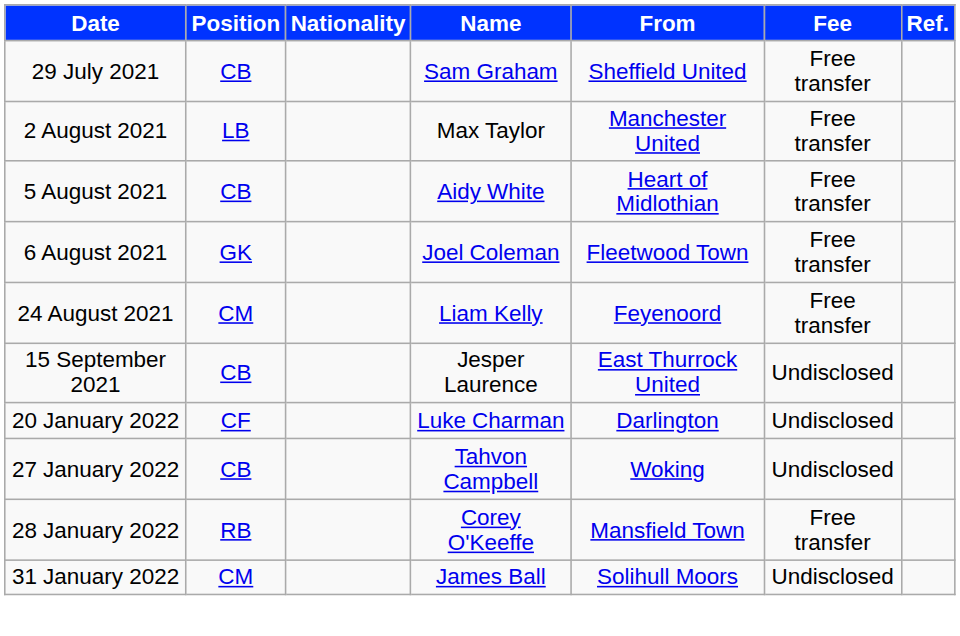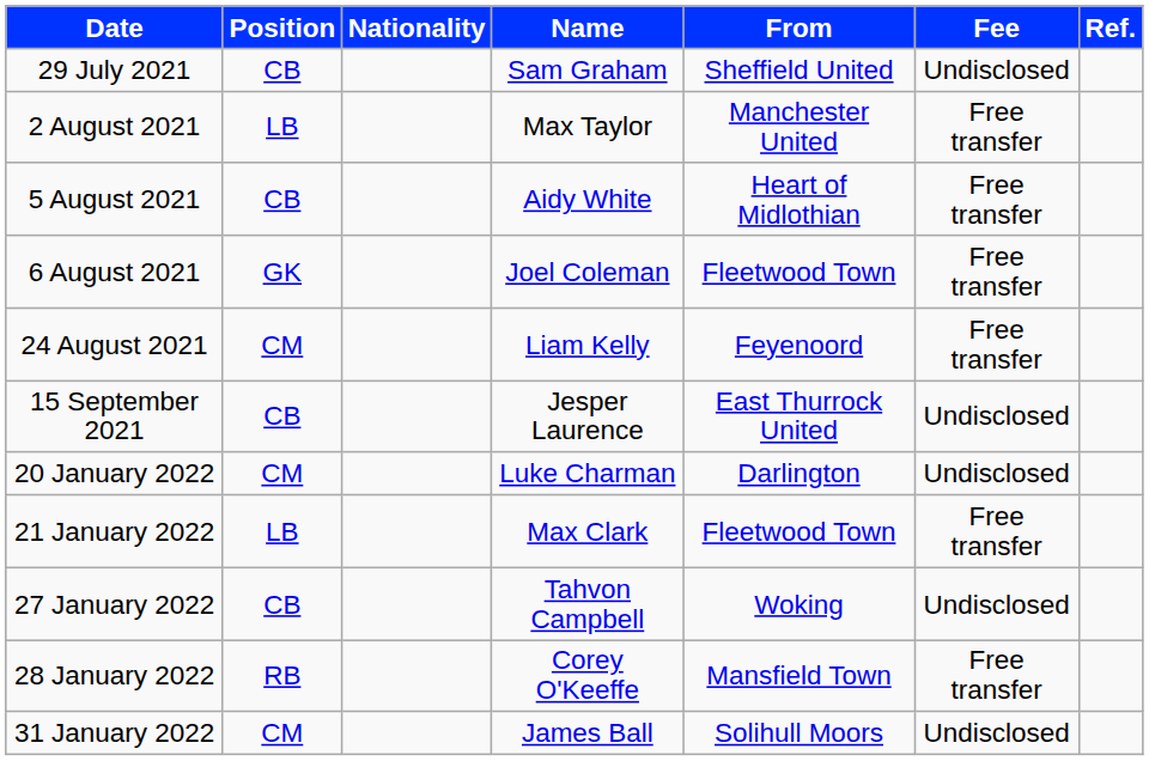 <table class="wikitable"  style="text-align:center; font-size:90%; ">
 <tr>
 <th style="background:#03f;color:#fff;">Date</th>
 <th style="background:#03f;color:#fff;">Position</th>
 <th style="background:#03f;color:#fff;">Nationality</th>
 <th style="background:#03f;color:#fff;">Name</th>
 <th style="background:#03f;color:#fff;">From</th>
 <th style="background:#03f;color:#fff;">Fee</th>
 <th style="background:#03f;color:#fff;">Ref.</th>
 </tr>
 <tr>
 <td>29 July 2021</td>
 <td><a href='#'>CB</a></td>
 <td></td>
 <td><a href='#'>Sam Graham</a></td>
 <td> <a href='#'>Sheffield United</a></td>
-<td>Free transfer</td>
+<td>Undisclosed</td>
 <td></td>
 </tr>
 <tr>
 <td>2 August 2021</td>
 <td><a href='#'>LB</a></td>
 <td></td>
 <td>Max Taylor</td>
 <td> <a href='#'>Manchester United</a></td>
 <td>Free transfer</td>
 <td></td>
 </tr>
 <tr>
 <td>5 August 2021</td>
 <td><a href='#'>CB</a></td>
 <td></td>
 <td><a href='#'>Aidy White</a></td>
 <td> <a href='#'>Heart of Midlothian</a></td>
 <td>Free transfer</td>
 <td></td>
 </tr>
 <tr>
 <td>6 August 2021</td>
 <td><a href='#'>GK</a></td>
 <td></td>
 <td><a href='#'>Joel Coleman</a></td>
 <td> <a href='#'>Fleetwood Town</a></td>
 <td>Free transfer</td>
 <td></td>
 </tr>
 <tr>
 <td>24 August 2021</td>
 <td><a href='#'>CM</a></td>
 <td></td>
 <td><a href='#'>Liam Kelly</a></td>
 <td> <a href='#'>Feyenoord</a></td>
 <td>Free transfer</td>
 <td></td>
 </tr>
 <tr>
 <td>15 September 2021</td>
 <td><a href='#'>CB</a></td>
 <td></td>
 <td>Jesper Laurence</td>
 <td> <a href='#'>East Thurrock United</a></td>
 <td>Undisclosed</td>
 <td></td>
 </tr>
 <tr>
 <td>20 January 2022</td>
-<td><a href='#'>CF</a></td>
+<td><a href='#'>CM</a></td>
 <td></td>
 <td><a href='#'>Luke Charman</a></td>
 <td> <a href='#'>Darlington</a></td>
 <td>Undisclosed</td>
+<td></td>
+</tr>
+<tr>
+<td>21 January 2022</td>
+<td><a href='#'>LB</a></td>
+<td></td>
+<td><a href='#'>Max Clark</a></td>
+<td> <a href='#'>Fleetwood Town</a></td>
+<td>Free transfer</td>
 <td></td>
 </tr>
 <tr>
 <td>27 January 2022</td>
 <td><a href='#'>CB</a></td>
 <td></td>
 <td><a href='#'>Tahvon Campbell</a></td>
 <td> <a href='#'>Woking</a></td>
 <td>Undisclosed</td>
 <td></td>
 </tr>
 <tr>
 <td>28 January 2022</td>
 <td><a href='#'>RB</a></td>
 <td></td>
 <td><a href='#'>Corey O'Keeffe</a></td>
 <td> <a href='#'>Mansfield Town</a></td>
 <td>Free transfer</td>
 <td></td>
 </tr>
 <tr>
 <td>31 January 2022</td>
 <td><a href='#'>CM</a></td>
 <td></td>
 <td><a href='#'>James Ball</a></td>
 <td> <a href='#'>Solihull Moors</a></td>
 <td>Undisclosed</td>
 <td></td>
 </tr>
 </table>
